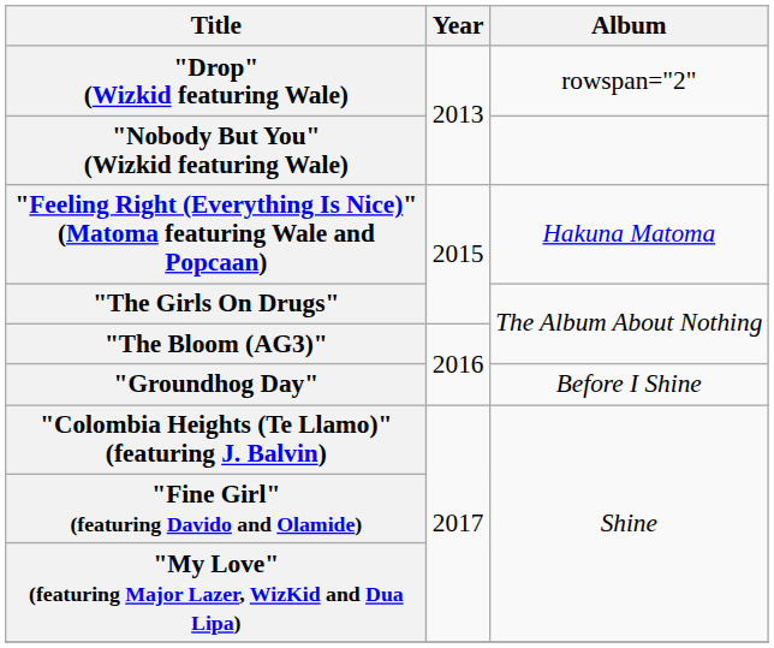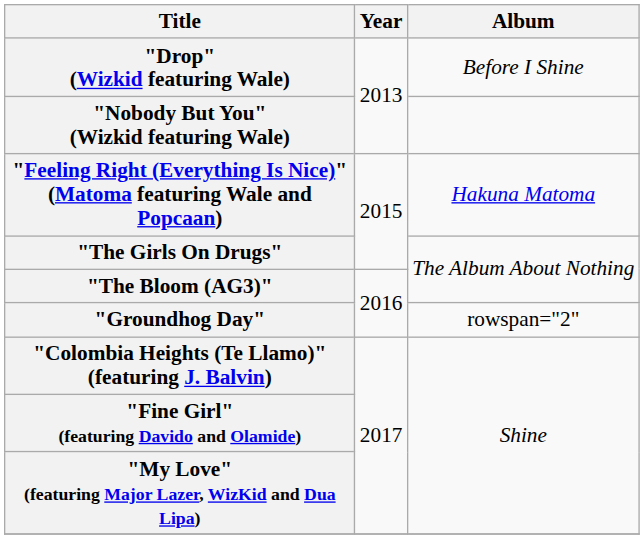 <table class="wikitable plainrowheaders" style="text-align:center;">
 <tr>
 <th scope="col" rowspan="1" style="width:16em;">Title</th>
 <th scope="col" rowspan="1">Year</th>
 <th scope="col" rowspan="1">Album</th>
 </tr>
 <tr>
 <th scope="row">"Drop"<br><span>(<a href='#'>Wizkid</a> featuring Wale)</span></th>
 <td rowspan="2">2013</td>
-<td>rowspan="2" </td>
+<td><em>Before I Shine</em></td>
 </tr>
 <tr>
 <th scope="row">"Nobody But You"<br><span>(Wizkid featuring Wale)</span></th>
 </tr>
 <tr>
 <th scope="row">"<a href='#'>Feeling Right (Everything Is Nice)</a>"<br><span>(<a href='#'>Matoma</a> featuring Wale and <a href='#'>Popcaan</a>)</span></th>
 <td rowspan="2">2015</td>
 <td rowspan="1"><em><a href='#'>Hakuna Matoma</a></em></td>
 </tr>
 <tr>
 <th scope="row">"The Girls On Drugs"</th>
 <td rowspan="2"><em>The Album About Nothing</em></td>
 </tr>
 <tr>
 <th scope="row">"The Bloom (AG3)"</th>
 <td rowspan="2">2016</td>
 </tr>
 <tr>
 <th scope="row">"Groundhog Day"</th>
-<td><em>Before I Shine</em></td>
+<td>rowspan="2" </td>
 </tr>
 <tr>
 <th scope="row">"Colombia Heights (Te Llamo)"<br><span>(featuring <a href='#'>J. Balvin</a>)</span></th>
 <td rowspan="3">2017</td>
 <td rowspan="3"><em>Shine</em></td>
 </tr>
 <tr>
 <th scope="row">"Fine Girl"<br><small>(featuring <a href='#'>Davido</a> and <a href='#'>Olamide</a>)</small></th>
 </tr>
 <tr>
 <th scope="row">"My Love"<br><small>(featuring <a href='#'>Major Lazer</a>, <a href='#'>WizKid</a> and <a href='#'>Dua Lipa</a>)</small></th>
 </tr>
 <tr>
 </tr>
 </table>
